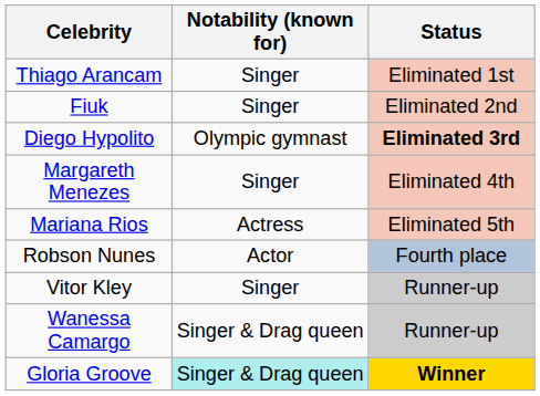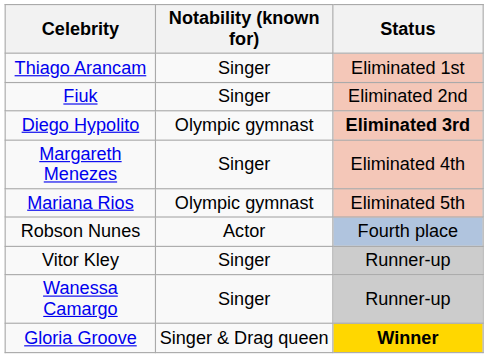 <table class="wikitable sortable" style="text-align: center; margin:auto; align: center">
 <tr>
 <th width="125">Celebrity</th>
 <th width="150">Notability (known for)</th>
 <th width="125">Status</th>
 </tr>
 <tr>
 <td><a href='#'>Thiago Arancam</a></td>
 <td>Singer</td>
 <td bgcolor=F4C7B8>Eliminated 1st<br></td>
 </tr>
 <tr>
 <td><a href='#'>Fiuk</a></td>
 <td>Singer</td>
 <td bgcolor=F4C7B8>Eliminated 2nd<br></td>
 </tr>
 <tr>
 <td><a href='#'>Diego Hypolito</a></td>
 <td>Olympic gymnast</td>
 <td bgcolor=F4C7B8><strong>Eliminated 3rd<br></strong></td>
 </tr>
 <tr>
 <td><a href='#'>Margareth Menezes</a></td>
 <td>Singer</td>
 <td bgcolor=F4C7B8>Eliminated 4th<br></td>
 </tr>
 <tr>
 <td><a href='#'>Mariana Rios</a></td>
-<td>Actress</td>
+<td>Olympic gymnast</td>
 <td bgcolor=F4C7B8>Eliminated 5th<br></td>
 </tr>
 <tr>
 <td>Robson Nunes</td>
 <td>Actor</td>
 <td bgcolor=B0C4DE>Fourth place<br></td>
 </tr>
 <tr>
 <td>Vitor Kley</td>
 <td>Singer</td>
 <td bgcolor=CCCCCC>Runner-up<br></td>
 </tr>
 <tr>
 <td><a href='#'>Wanessa Camargo</a></td>
-<td>Singer & Drag queen</td>
+<td>Singer</td>
 <td bgcolor=CCCCCC>Runner-up<br></td>
 </tr>
 <tr>
 <td><a href='#'>Gloria Groove</a></td>
-<td style="background: paleturquoise;">Singer & Drag queen</td>
+<td>Singer & Drag queen</td>
 <td bgcolor=FFD700><strong>Winner</strong><br></td>
 </tr>
 </table>
